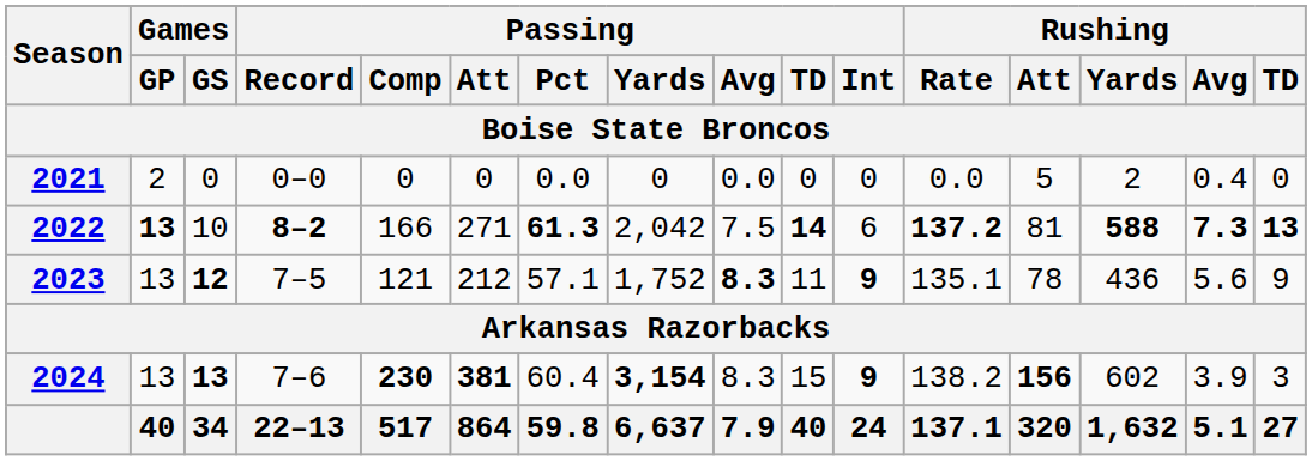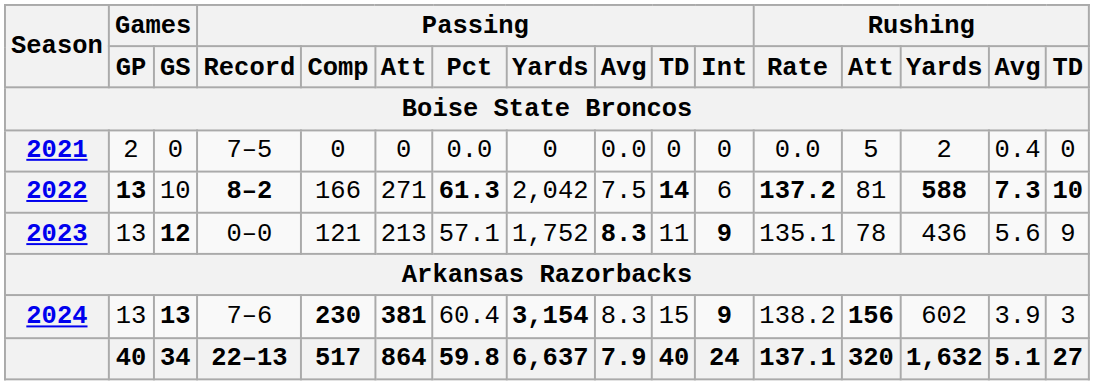 <table class="wikitable" style="text-align:center;">
 <tr>
 <th rowspan="2">Season</th>
 <th colspan="2">Games</th>
 <th colspan="8">Passing</th>
 <th colspan="5">Rushing</th>
 </tr>
 <tr>
 <th>GP</th>
 <th>GS</th>
 <th>Record</th>
 <th>Comp</th>
 <th>Att</th>
 <th>Pct</th>
 <th>Yards</th>
 <th>Avg</th>
 <th>TD</th>
 <th>Int</th>
 <th>Rate</th>
 <th>Att</th>
 <th>Yards</th>
 <th>Avg</th>
 <th>TD</th>
 </tr>
 <tr>
 <th colspan="16">Boise State Broncos</th>
 </tr>
 <tr>
 <th><a href='#'>2021</a></th>
 <td>2</td>
 <td>0</td>
-<td>0–0</td>
+<td>7–5</td>
 <td>0</td>
 <td>0</td>
 <td>0.0</td>
 <td>0</td>
 <td>0.0</td>
 <td>0</td>
 <td>0</td>
 <td>0.0</td>
 <td>5</td>
 <td>2</td>
 <td>0.4</td>
 <td>0</td>
 </tr>
 <tr>
 <th><a href='#'>2022</a></th>
 <td><strong>13</strong></td>
 <td>10</td>
 <td><strong>8–2</strong></td>
 <td>166</td>
 <td>271</td>
 <td><strong>61.3</strong></td>
 <td>2,042</td>
 <td>7.5</td>
 <td><strong>14</strong></td>
 <td>6</td>
 <td><strong>137.2</strong></td>
 <td>81</td>
 <td><strong>588</strong></td>
 <td><strong>7.3</strong></td>
-<td><strong>13</strong></td>
+<td><strong>10</strong></td>
 </tr>
 <tr>
 <th><a href='#'>2023</a></th>
 <td>13</td>
 <td><strong>12</strong></td>
-<td>7–5</td>
+<td>0–0</td>
 <td>121</td>
-<td>212</td>
+<td>213</td>
 <td>57.1</td>
 <td>1,752</td>
 <td><strong>8.3</strong></td>
 <td>11</td>
 <td><strong>9</strong></td>
 <td>135.1</td>
 <td>78</td>
 <td>436</td>
 <td>5.6</td>
 <td>9</td>
 </tr>
 <tr>
 <th colspan="16">Arkansas Razorbacks</th>
 </tr>
 <tr>
 <th><a href='#'>2024</a></th>
 <td>13</td>
 <td><strong>13</strong></td>
 <td>7–6</td>
 <td><strong>230</strong></td>
 <td><strong>381</strong></td>
 <td>60.4</td>
 <td><strong>3,154</strong></td>
 <td>8.3</td>
 <td>15</td>
 <td><strong>9</strong></td>
 <td>138.2</td>
 <td><strong>156</strong></td>
 <td>602</td>
 <td>3.9</td>
 <td>3</td>
 </tr>
 <tr>
 <th></th>
 <th>40</th>
 <th>34</th>
 <th>22–13</th>
 <th>517</th>
 <th>864</th>
 <th>59.8</th>
 <th>6,637</th>
 <th>7.9</th>
 <th>40</th>
 <th>24</th>
 <th>137.1</th>
 <th>320</th>
 <th>1,632</th>
 <th>5.1</th>
 <th>27</th>
 </tr>
 </table>
